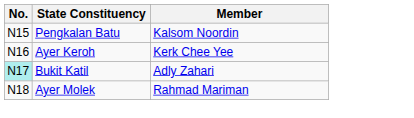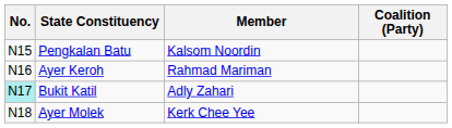 <table class="wikitable">
 <tr>
 <th width="30">No.</th>
 <th width="150">State Constituency</th>
 <th width="230">Member</th>
+<th width="100">Coalition (Party)</th>
 </tr>
 <tr>
 <td>N15</td>
 <td><a href='#'>Pengkalan Batu</a></td>
 <td><a href='#'>Kalsom Noordin</a></td>
+<td></td>
 </tr>
 <tr>
 <td>N16</td>
 <td><a href='#'>Ayer Keroh</a></td>
-<td><a href='#'>Kerk Chee Yee</a></td>
+<td><a href='#'>Rahmad Mariman</a></td>
+<td></td>
 </tr>
 <tr>
 <td style="background: paleturquoise;">N17</td>
 <td><a href='#'>Bukit Katil</a></td>
 <td><a href='#'>Adly Zahari</a></td>
+<td></td>
 </tr>
 <tr>
 <td>N18</td>
 <td><a href='#'>Ayer Molek</a></td>
-<td><a href='#'>Rahmad Mariman</a></td>
+<td><a href='#'>Kerk Chee Yee</a></td>
+<td></td>
 </tr>
 </table>
